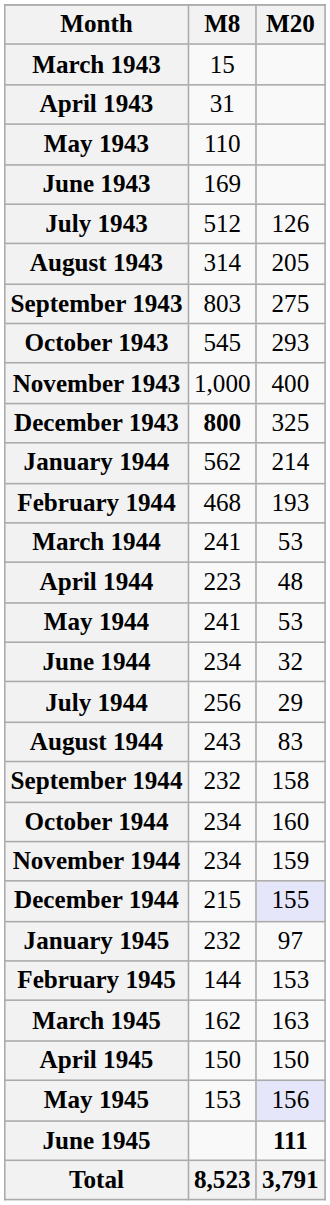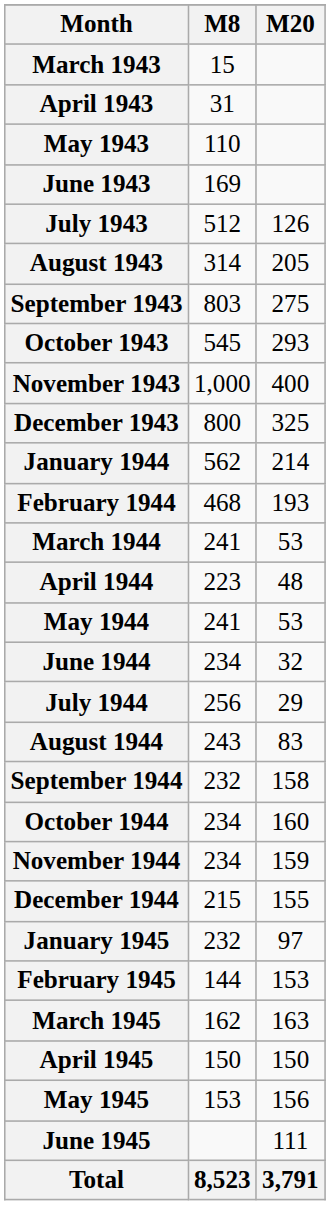 <table class="wikitable floatright">
 <tr>
 </tr>
 <tr style="vertical-align:top; text-align:center;">
 <th>Month</th>
 <th>M8</th>
 <th>M20</th>
 </tr>
 <tr style="vertical-align:top; text-align:center;">
 <th>March 1943</th>
 <td>15</td>
 <td></td>
 </tr>
 <tr style="vertical-align:top; text-align:center;">
 <th>April 1943</th>
 <td>31</td>
 <td></td>
 </tr>
 <tr style="vertical-align:top; text-align:center;">
 <th>May 1943</th>
 <td>110</td>
 <td></td>
 </tr>
 <tr style="vertical-align:top; text-align:center;">
 <th>June 1943</th>
 <td>169</td>
 <td></td>
 </tr>
 <tr style="vertical-align:top; text-align:center;">
 <th>July 1943</th>
 <td>512</td>
 <td>126</td>
 </tr>
 <tr style="vertical-align:top; text-align:center;">
 <th>August 1943</th>
 <td>314</td>
 <td>205</td>
 </tr>
 <tr style="vertical-align:top; text-align:center;">
 <th>September 1943</th>
 <td>803</td>
 <td>275</td>
 </tr>
 <tr style="vertical-align:top; text-align:center;">
 <th>October 1943</th>
 <td>545</td>
 <td>293</td>
 </tr>
 <tr style="vertical-align:top; text-align:center;">
 <th>November 1943</th>
 <td>1,000</td>
 <td>400</td>
 </tr>
 <tr style="vertical-align:top; text-align:center;">
 <th>December 1943</th>
-<td><strong>800</strong></td>
+<td>800</td>
 <td>325</td>
 </tr>
 <tr style="vertical-align:top; text-align:center;">
 <th>January 1944</th>
 <td>562</td>
 <td>214</td>
 </tr>
 <tr style="vertical-align:top; text-align:center;">
 <th>February 1944</th>
 <td>468</td>
 <td>193</td>
 </tr>
 <tr style="vertical-align:top; text-align:center;">
 <th>March 1944</th>
 <td>241</td>
 <td>53</td>
 </tr>
 <tr style="vertical-align:top; text-align:center;">
 <th>April 1944</th>
 <td>223</td>
 <td>48</td>
 </tr>
 <tr style="vertical-align:top; text-align:center;">
 <th>May 1944</th>
 <td>241</td>
 <td>53</td>
 </tr>
 <tr style="vertical-align:top; text-align:center;">
 <th>June 1944</th>
 <td>234</td>
 <td>32</td>
 </tr>
 <tr style="vertical-align:top; text-align:center;">
 <th>July 1944</th>
 <td>256</td>
 <td>29</td>
 </tr>
 <tr style="vertical-align:top; text-align:center;">
 <th>August 1944</th>
 <td>243</td>
 <td>83</td>
 </tr>
 <tr style="vertical-align:top; text-align:center;">
 <th>September 1944</th>
 <td>232</td>
 <td>158</td>
 </tr>
 <tr style="vertical-align:top; text-align:center;">
 <th>October 1944</th>
 <td>234</td>
 <td>160</td>
 </tr>
 <tr style="vertical-align:top; text-align:center;">
 <th>November 1944</th>
 <td>234</td>
 <td>159</td>
 </tr>
 <tr style="vertical-align:top; text-align:center;">
 <th>December 1944</th>
 <td>215</td>
-<td style="background: lavender;">155</td>
+<td>155</td>
 </tr>
 <tr style="vertical-align:top; text-align:center;">
 <th>January 1945</th>
 <td>232</td>
 <td>97</td>
 </tr>
 <tr style="vertical-align:top; text-align:center;">
 <th>February 1945</th>
 <td>144</td>
 <td>153</td>
 </tr>
 <tr style="vertical-align:top; text-align:center;">
 <th>March 1945</th>
 <td>162</td>
 <td>163</td>
 </tr>
 <tr style="vertical-align:top; text-align:center;">
 <th>April 1945</th>
 <td>150</td>
 <td>150</td>
 </tr>
 <tr style="vertical-align:top; text-align:center;">
 <th>May 1945</th>
 <td>153</td>
-<td style="background: lavender;">156</td>
+<td>156</td>
 </tr>
 <tr style="vertical-align:top; text-align:center;">
 <th>June 1945</th>
 <td></td>
-<td><strong>111</strong></td>
+<td>111</td>
 </tr>
 <tr style="vertical-align:top; text-align:center;">
 <th>Total</th>
 <th>8,523</th>
 <th>3,791</th>
 </tr>
 </table>
